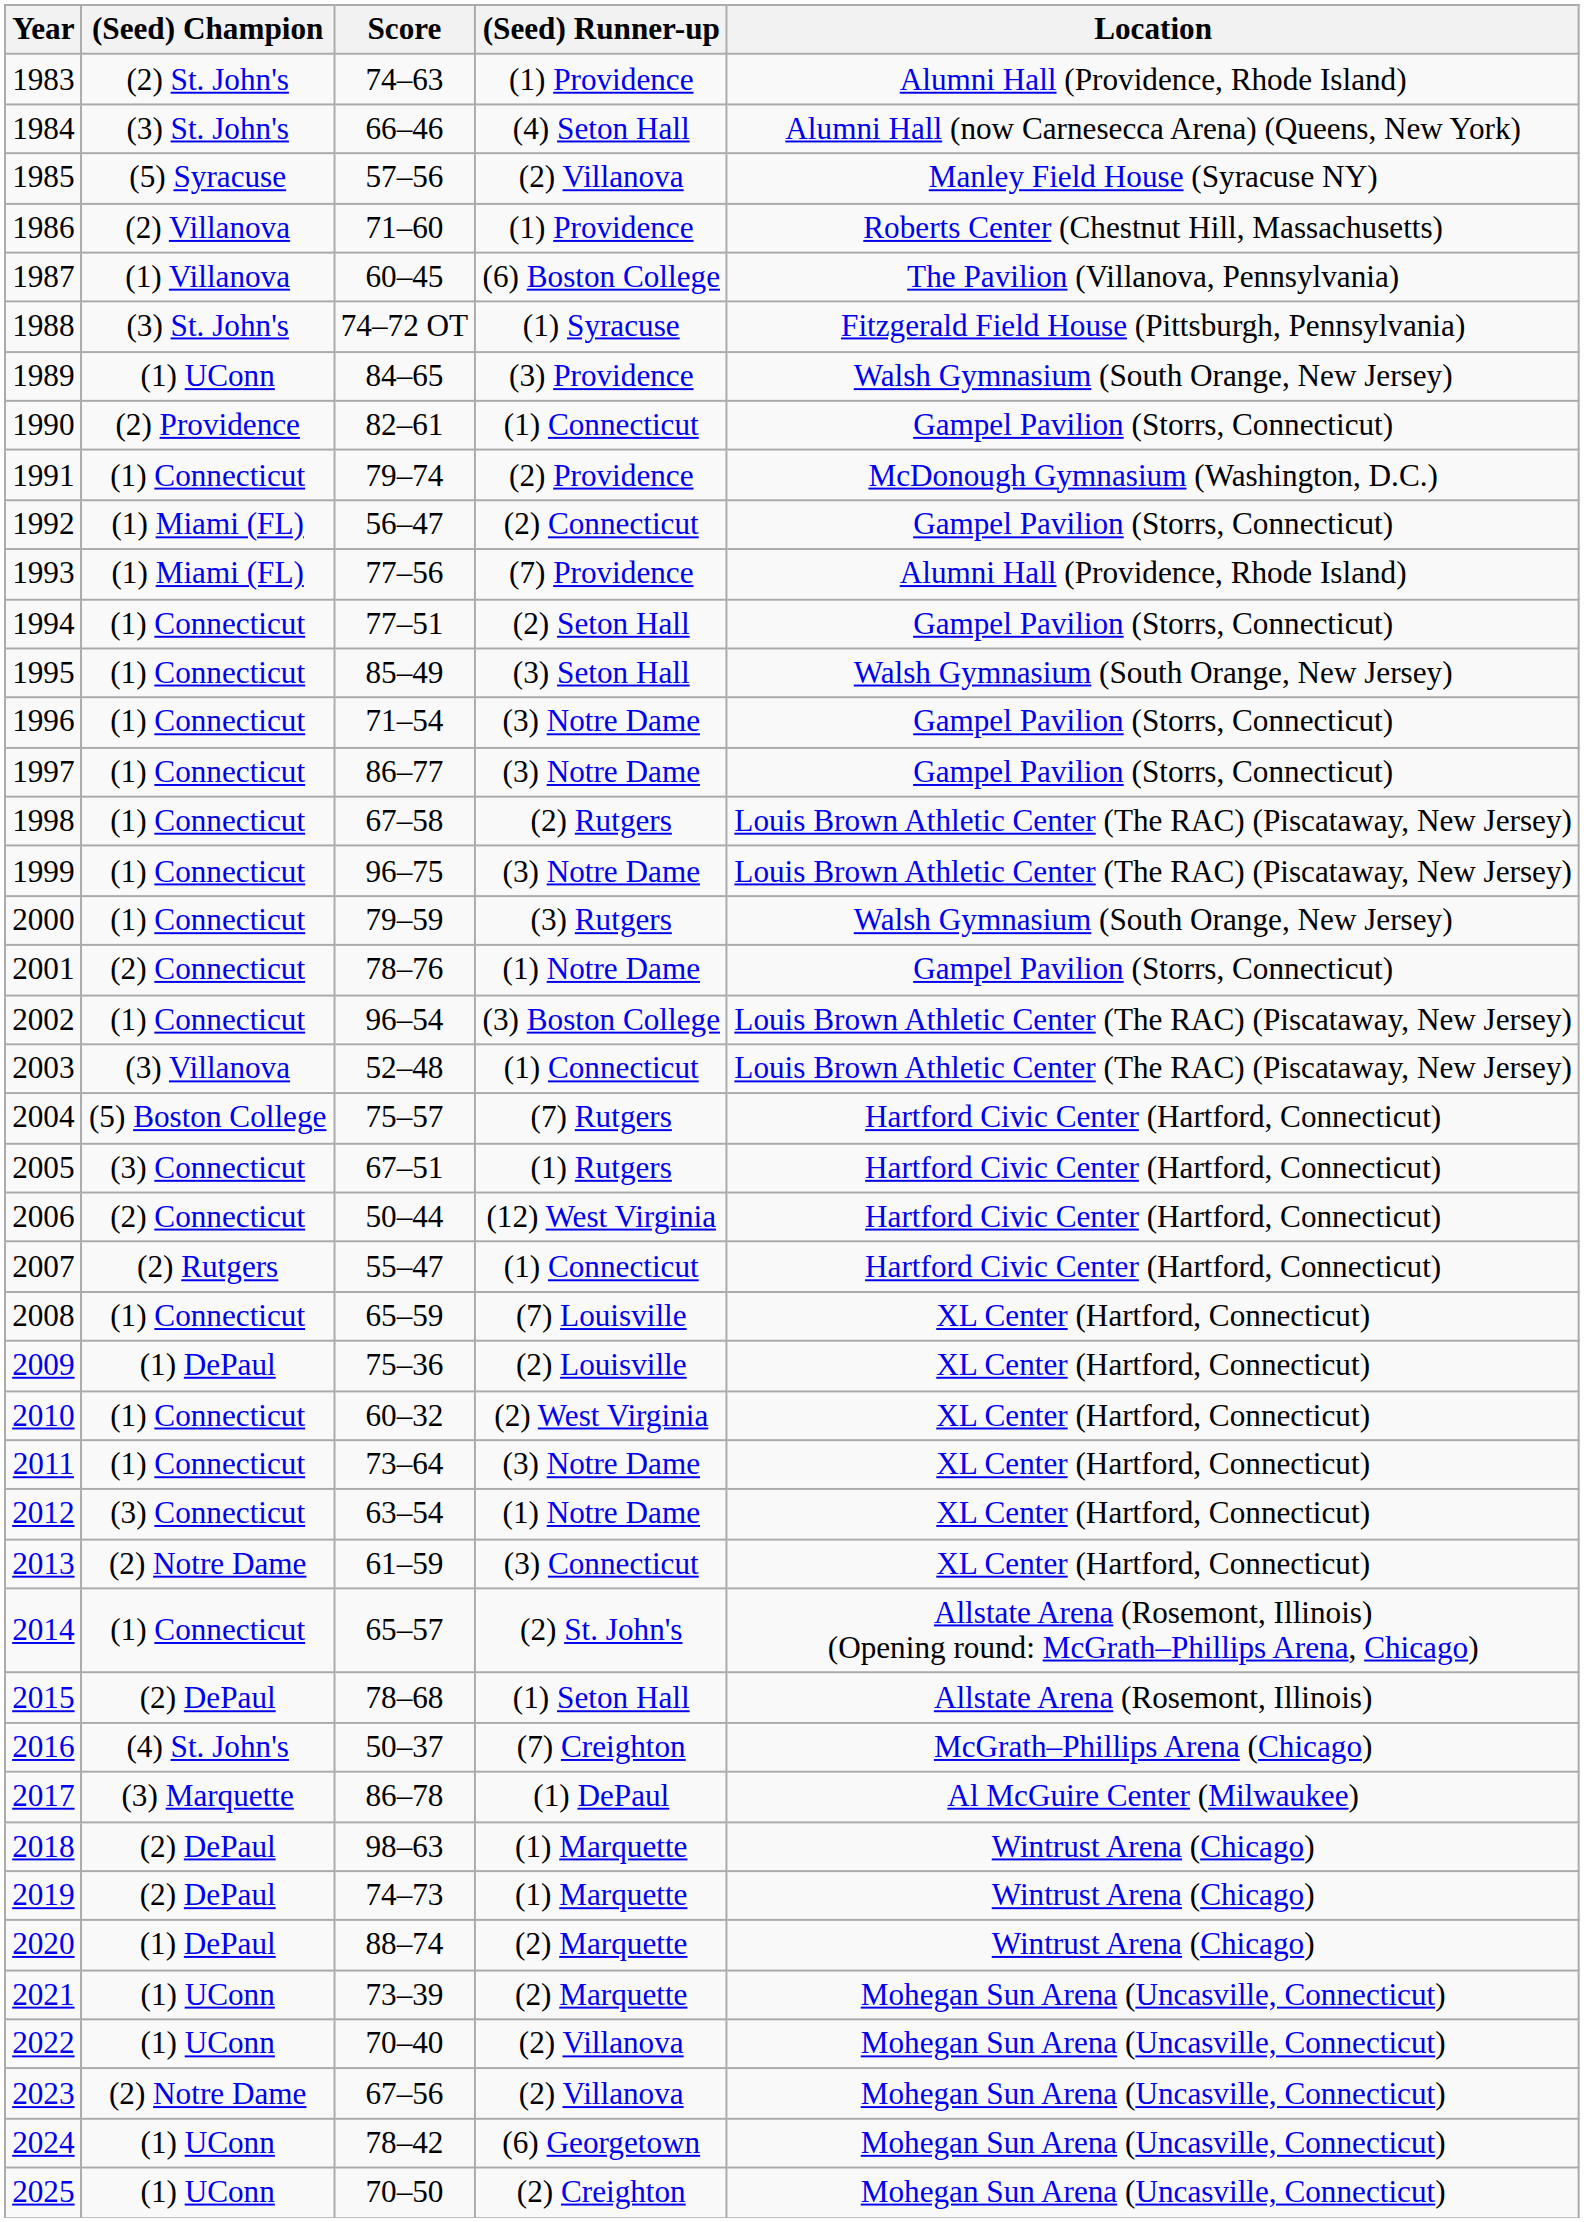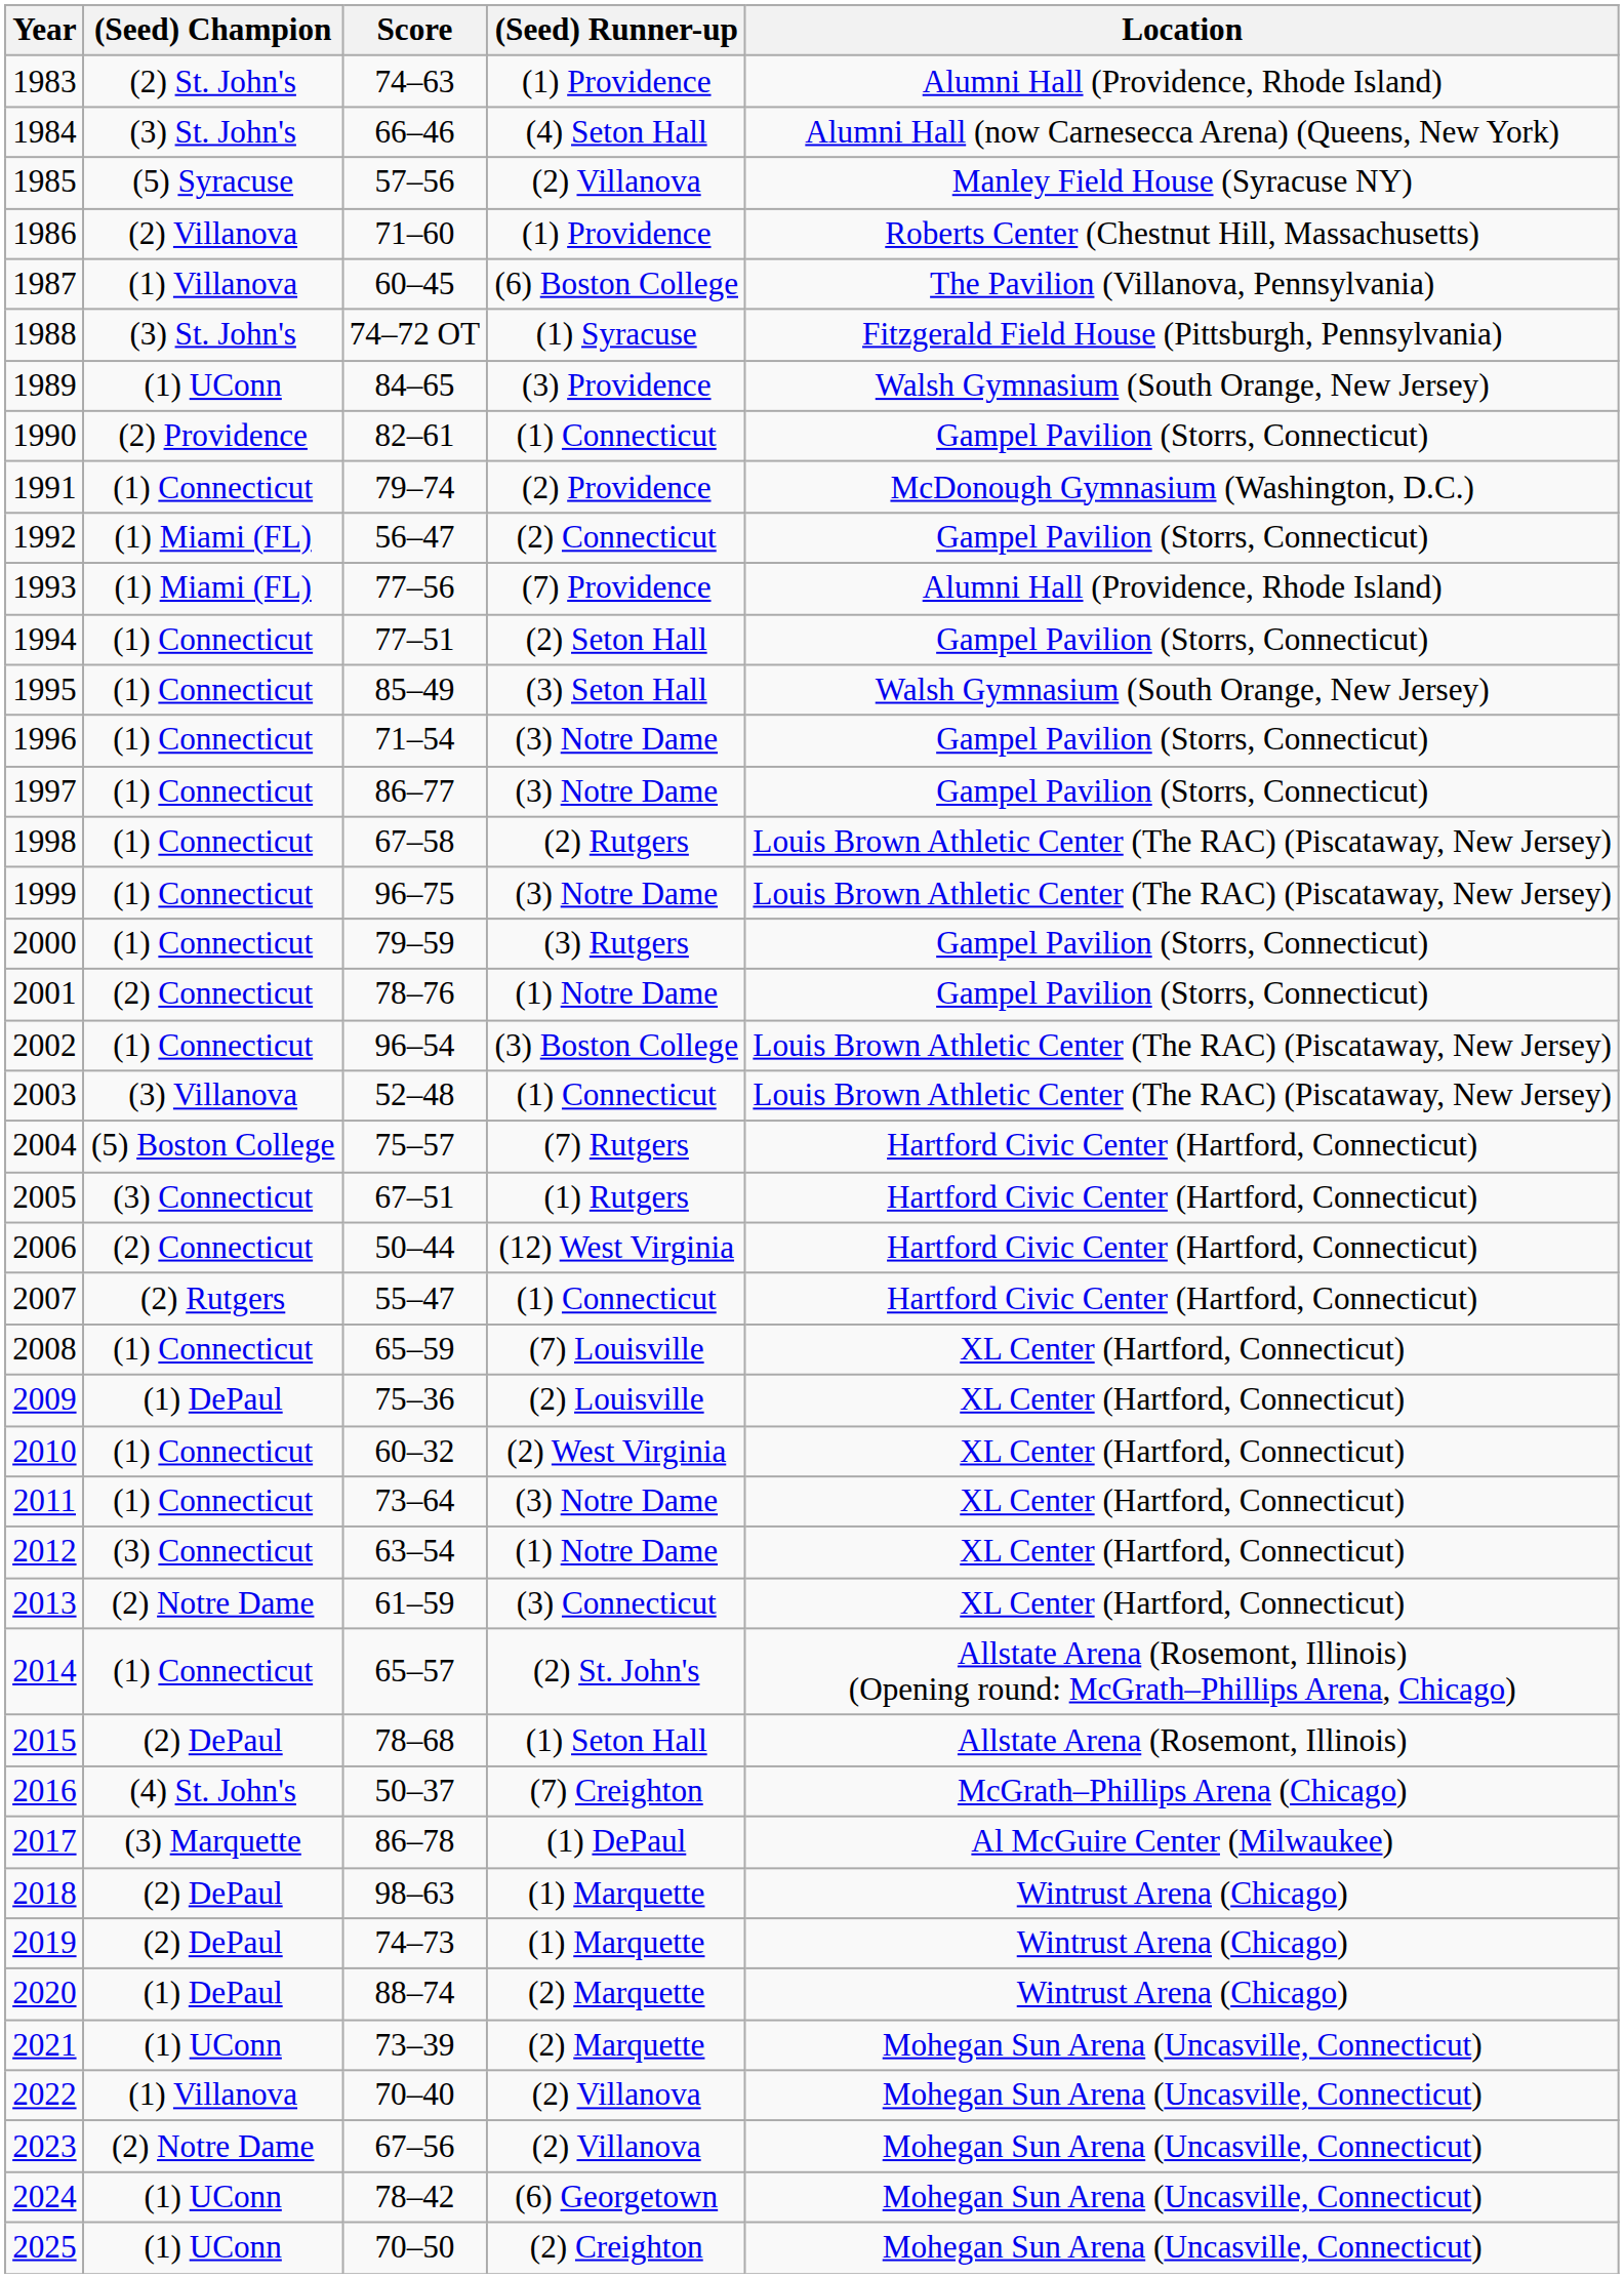 <table class="wikitable sortable" style="text-align:center">
 <tr>
 <th width=px>Year</th>
 <th width=px>(Seed) Champion</th>
 <th width=px>Score</th>
 <th width=px>(Seed) Runner-up</th>
 <th width=px>Location</th>
 </tr>
 <tr>
 <td>1983</td>
 <td>(2) <a href='#'>St. John's</a></td>
 <td>74–63</td>
 <td>(1) <a href='#'>Providence</a></td>
 <td><a href='#'>Alumni Hall</a> (Providence, Rhode Island)</td>
 </tr>
 <tr>
 <td>1984</td>
 <td>(3) <a href='#'>St. John's</a></td>
 <td>66–46</td>
 <td>(4) <a href='#'>Seton Hall</a></td>
 <td><a href='#'>Alumni Hall</a> (now Carnesecca Arena) (Queens, New York)</td>
 </tr>
 <tr>
 <td>1985</td>
 <td>(5) <a href='#'>Syracuse</a></td>
 <td>57–56</td>
 <td>(2) <a href='#'>Villanova</a></td>
 <td><a href='#'>Manley Field House</a> (Syracuse NY)</td>
 </tr>
 <tr>
 <td>1986</td>
 <td>(2) <a href='#'>Villanova</a></td>
 <td>71–60</td>
 <td>(1) <a href='#'>Providence</a></td>
 <td><a href='#'>Roberts Center</a> (Chestnut Hill, Massachusetts)</td>
 </tr>
 <tr>
 <td>1987</td>
 <td>(1) <a href='#'>Villanova</a></td>
 <td>60–45</td>
 <td>(6) <a href='#'>Boston College</a></td>
 <td><a href='#'>The Pavilion</a> (Villanova, Pennsylvania)</td>
 </tr>
 <tr>
 <td>1988</td>
 <td>(3) <a href='#'>St. John's</a></td>
 <td>74–72 OT</td>
 <td>(1) <a href='#'>Syracuse</a></td>
 <td><a href='#'>Fitzgerald Field House</a> (Pittsburgh, Pennsylvania)</td>
 </tr>
 <tr>
 <td>1989</td>
 <td>(1) <a href='#'>UConn</a></td>
 <td>84–65</td>
 <td>(3) <a href='#'>Providence</a></td>
 <td><a href='#'>Walsh Gymnasium</a> (South Orange, New Jersey)</td>
 </tr>
 <tr>
 <td>1990</td>
 <td>(2) <a href='#'>Providence</a></td>
 <td>82–61</td>
 <td>(1) <a href='#'>Connecticut</a></td>
 <td><a href='#'>Gampel Pavilion</a> (Storrs, Connecticut)</td>
 </tr>
 <tr>
 <td>1991</td>
 <td>(1) <a href='#'>Connecticut</a></td>
 <td>79–74</td>
 <td>(2) <a href='#'>Providence</a></td>
 <td><a href='#'>McDonough Gymnasium</a> (Washington, D.C.)</td>
 </tr>
 <tr>
 <td>1992</td>
 <td>(1) <a href='#'>Miami (FL)</a></td>
 <td>56–47</td>
 <td>(2) <a href='#'>Connecticut</a></td>
 <td><a href='#'>Gampel Pavilion</a> (Storrs, Connecticut)</td>
 </tr>
 <tr>
 <td>1993</td>
 <td>(1) <a href='#'>Miami (FL)</a></td>
 <td>77–56</td>
 <td>(7) <a href='#'>Providence</a></td>
 <td><a href='#'>Alumni Hall</a> (Providence, Rhode Island)</td>
 </tr>
 <tr>
 <td>1994</td>
 <td>(1) <a href='#'>Connecticut</a></td>
 <td>77–51</td>
 <td>(2) <a href='#'>Seton Hall</a></td>
 <td><a href='#'>Gampel Pavilion</a> (Storrs, Connecticut)</td>
 </tr>
 <tr>
 <td>1995</td>
 <td>(1) <a href='#'>Connecticut</a></td>
 <td>85–49</td>
 <td>(3) <a href='#'>Seton Hall</a></td>
 <td><a href='#'>Walsh Gymnasium</a> (South Orange, New Jersey)</td>
 </tr>
 <tr>
 <td>1996</td>
 <td>(1) <a href='#'>Connecticut</a></td>
 <td>71–54</td>
 <td>(3) <a href='#'>Notre Dame</a></td>
 <td><a href='#'>Gampel Pavilion</a> (Storrs, Connecticut)</td>
 </tr>
 <tr>
 <td>1997</td>
 <td>(1) <a href='#'>Connecticut</a></td>
 <td>86–77</td>
 <td>(3) <a href='#'>Notre Dame</a></td>
 <td><a href='#'>Gampel Pavilion</a> (Storrs, Connecticut)</td>
 </tr>
 <tr>
 <td>1998</td>
 <td>(1) <a href='#'>Connecticut</a></td>
 <td>67–58</td>
 <td>(2) <a href='#'>Rutgers</a></td>
 <td><a href='#'>Louis Brown Athletic Center</a> (The RAC) (Piscataway, New Jersey)</td>
 </tr>
 <tr>
 <td>1999</td>
 <td>(1) <a href='#'>Connecticut</a></td>
 <td>96–75</td>
 <td>(3) <a href='#'>Notre Dame</a></td>
 <td><a href='#'>Louis Brown Athletic Center</a> (The RAC) (Piscataway, New Jersey)</td>
 </tr>
 <tr>
 <td>2000</td>
 <td>(1) <a href='#'>Connecticut</a></td>
 <td>79–59</td>
 <td>(3) <a href='#'>Rutgers</a></td>
-<td><a href='#'>Walsh Gymnasium</a> (South Orange, New Jersey)</td>
+<td><a href='#'>Gampel Pavilion</a> (Storrs, Connecticut)</td>
 </tr>
 <tr>
 <td>2001</td>
 <td>(2) <a href='#'>Connecticut</a></td>
 <td>78–76</td>
 <td>(1) <a href='#'>Notre Dame</a></td>
 <td><a href='#'>Gampel Pavilion</a> (Storrs, Connecticut)</td>
 </tr>
 <tr>
 <td>2002</td>
 <td>(1) <a href='#'>Connecticut</a></td>
 <td>96–54</td>
 <td>(3) <a href='#'>Boston College</a></td>
 <td><a href='#'>Louis Brown Athletic Center</a> (The RAC) (Piscataway, New Jersey)</td>
 </tr>
 <tr>
 <td>2003</td>
 <td>(3) <a href='#'>Villanova</a></td>
 <td>52–48</td>
 <td>(1) <a href='#'>Connecticut</a></td>
 <td><a href='#'>Louis Brown Athletic Center</a> (The RAC) (Piscataway, New Jersey)</td>
 </tr>
 <tr>
 <td>2004</td>
 <td>(5) <a href='#'>Boston College</a></td>
 <td>75–57</td>
 <td>(7) <a href='#'>Rutgers</a></td>
 <td><a href='#'>Hartford Civic Center</a> (Hartford, Connecticut)</td>
 </tr>
 <tr>
 <td>2005</td>
 <td>(3) <a href='#'>Connecticut</a></td>
 <td>67–51</td>
 <td>(1) <a href='#'>Rutgers</a></td>
 <td><a href='#'>Hartford Civic Center</a> (Hartford, Connecticut)</td>
 </tr>
 <tr>
 <td>2006</td>
 <td>(2) <a href='#'>Connecticut</a></td>
 <td>50–44</td>
 <td>(12) <a href='#'>West Virginia</a></td>
 <td><a href='#'>Hartford Civic Center</a> (Hartford, Connecticut)</td>
 </tr>
 <tr>
 <td>2007</td>
 <td>(2) <a href='#'>Rutgers</a></td>
 <td>55–47</td>
 <td>(1) <a href='#'>Connecticut</a></td>
 <td><a href='#'>Hartford Civic Center</a> (Hartford, Connecticut)</td>
 </tr>
 <tr>
 <td>2008</td>
 <td>(1) <a href='#'>Connecticut</a></td>
 <td>65–59</td>
 <td>(7) <a href='#'>Louisville</a></td>
 <td><a href='#'>XL Center</a> (Hartford, Connecticut)</td>
 </tr>
 <tr>
 <td><a href='#'>2009</a></td>
 <td>(1) <a href='#'>DePaul</a></td>
 <td>75–36</td>
 <td>(2) <a href='#'>Louisville</a></td>
 <td><a href='#'>XL Center</a> (Hartford, Connecticut)</td>
 </tr>
 <tr>
 <td><a href='#'>2010</a></td>
 <td>(1) <a href='#'>Connecticut</a></td>
 <td>60–32</td>
 <td>(2) <a href='#'>West Virginia</a></td>
 <td><a href='#'>XL Center</a> (Hartford, Connecticut)</td>
 </tr>
 <tr>
 <td><a href='#'>2011</a></td>
 <td>(1) <a href='#'>Connecticut</a></td>
 <td>73–64</td>
 <td>(3) <a href='#'>Notre Dame</a></td>
 <td><a href='#'>XL Center</a> (Hartford, Connecticut)</td>
 </tr>
 <tr>
 <td><a href='#'>2012</a></td>
 <td>(3) <a href='#'>Connecticut</a></td>
 <td>63–54</td>
 <td>(1) <a href='#'>Notre Dame</a></td>
 <td><a href='#'>XL Center</a> (Hartford, Connecticut)</td>
 </tr>
 <tr>
 <td><a href='#'>2013</a></td>
 <td>(2) <a href='#'>Notre Dame</a></td>
 <td>61–59</td>
 <td>(3) <a href='#'>Connecticut</a></td>
 <td><a href='#'>XL Center</a> (Hartford, Connecticut)</td>
 </tr>
 <tr>
 <td><a href='#'>2014</a></td>
 <td>(1) <a href='#'>Connecticut</a></td>
 <td>65–57</td>
 <td>(2) <a href='#'>St. John's</a></td>
 <td><a href='#'>Allstate Arena</a> (Rosemont, Illinois)<br>(Opening round: <a href='#'>McGrath–Phillips Arena</a>, <a href='#'>Chicago</a>)</td>
 </tr>
 <tr>
 <td><a href='#'>2015</a></td>
 <td>(2) <a href='#'>DePaul</a></td>
 <td>78–68</td>
 <td>(1) <a href='#'>Seton Hall</a></td>
 <td><a href='#'>Allstate Arena</a> (Rosemont, Illinois)</td>
 </tr>
 <tr>
 <td><a href='#'>2016</a></td>
 <td>(4) <a href='#'>St. John's</a></td>
 <td>50–37</td>
 <td>(7) <a href='#'>Creighton</a></td>
 <td><a href='#'>McGrath–Phillips Arena</a> (<a href='#'>Chicago</a>)</td>
 </tr>
 <tr>
 <td><a href='#'>2017</a></td>
 <td>(3) <a href='#'>Marquette</a></td>
 <td>86–78</td>
 <td>(1) <a href='#'>DePaul</a></td>
 <td><a href='#'>Al McGuire Center</a> (<a href='#'>Milwaukee</a>)</td>
 </tr>
 <tr>
 <td><a href='#'>2018</a></td>
 <td>(2) <a href='#'>DePaul</a></td>
 <td>98–63</td>
 <td>(1) <a href='#'>Marquette</a></td>
 <td><a href='#'>Wintrust Arena</a> (<a href='#'>Chicago</a>)</td>
 </tr>
 <tr>
 <td><a href='#'>2019</a></td>
 <td>(2) <a href='#'>DePaul</a></td>
 <td>74–73</td>
 <td>(1) <a href='#'>Marquette</a></td>
 <td><a href='#'>Wintrust Arena</a> (<a href='#'>Chicago</a>)</td>
 </tr>
 <tr>
 <td><a href='#'>2020</a></td>
 <td>(1) <a href='#'>DePaul</a></td>
 <td>88–74</td>
 <td>(2) <a href='#'>Marquette</a></td>
 <td><a href='#'>Wintrust Arena</a> (<a href='#'>Chicago</a>)</td>
 </tr>
 <tr>
 <td><a href='#'>2021</a></td>
 <td>(1) <a href='#'>UConn</a></td>
 <td>73–39</td>
 <td>(2) <a href='#'>Marquette</a></td>
 <td><a href='#'>Mohegan Sun Arena</a> (<a href='#'>Uncasville, Connecticut</a>)</td>
 </tr>
 <tr>
 <td><a href='#'>2022</a></td>
-<td>(1) <a href='#'>UConn</a></td>
+<td>(1) <a href='#'>Villanova</a></td>
 <td>70–40</td>
 <td>(2) <a href='#'>Villanova</a></td>
 <td><a href='#'>Mohegan Sun Arena</a> (<a href='#'>Uncasville, Connecticut</a>)</td>
 </tr>
 <tr>
 <td><a href='#'>2023</a></td>
 <td>(2) <a href='#'>Notre Dame</a></td>
 <td>67–56</td>
 <td>(2) <a href='#'>Villanova</a></td>
 <td><a href='#'>Mohegan Sun Arena</a> (<a href='#'>Uncasville, Connecticut</a>)</td>
 </tr>
 <tr>
 <td><a href='#'>2024</a></td>
 <td>(1) <a href='#'>UConn</a></td>
 <td>78–42</td>
 <td>(6) <a href='#'>Georgetown</a></td>
 <td><a href='#'>Mohegan Sun Arena</a> (<a href='#'>Uncasville, Connecticut</a>)</td>
 </tr>
 <tr>
 <td><a href='#'>2025</a></td>
 <td>(1) <a href='#'>UConn</a></td>
 <td>70–50</td>
 <td>(2) <a href='#'>Creighton</a></td>
 <td><a href='#'>Mohegan Sun Arena</a> (<a href='#'>Uncasville, Connecticut</a>)</td>
 </tr>
 </table>
